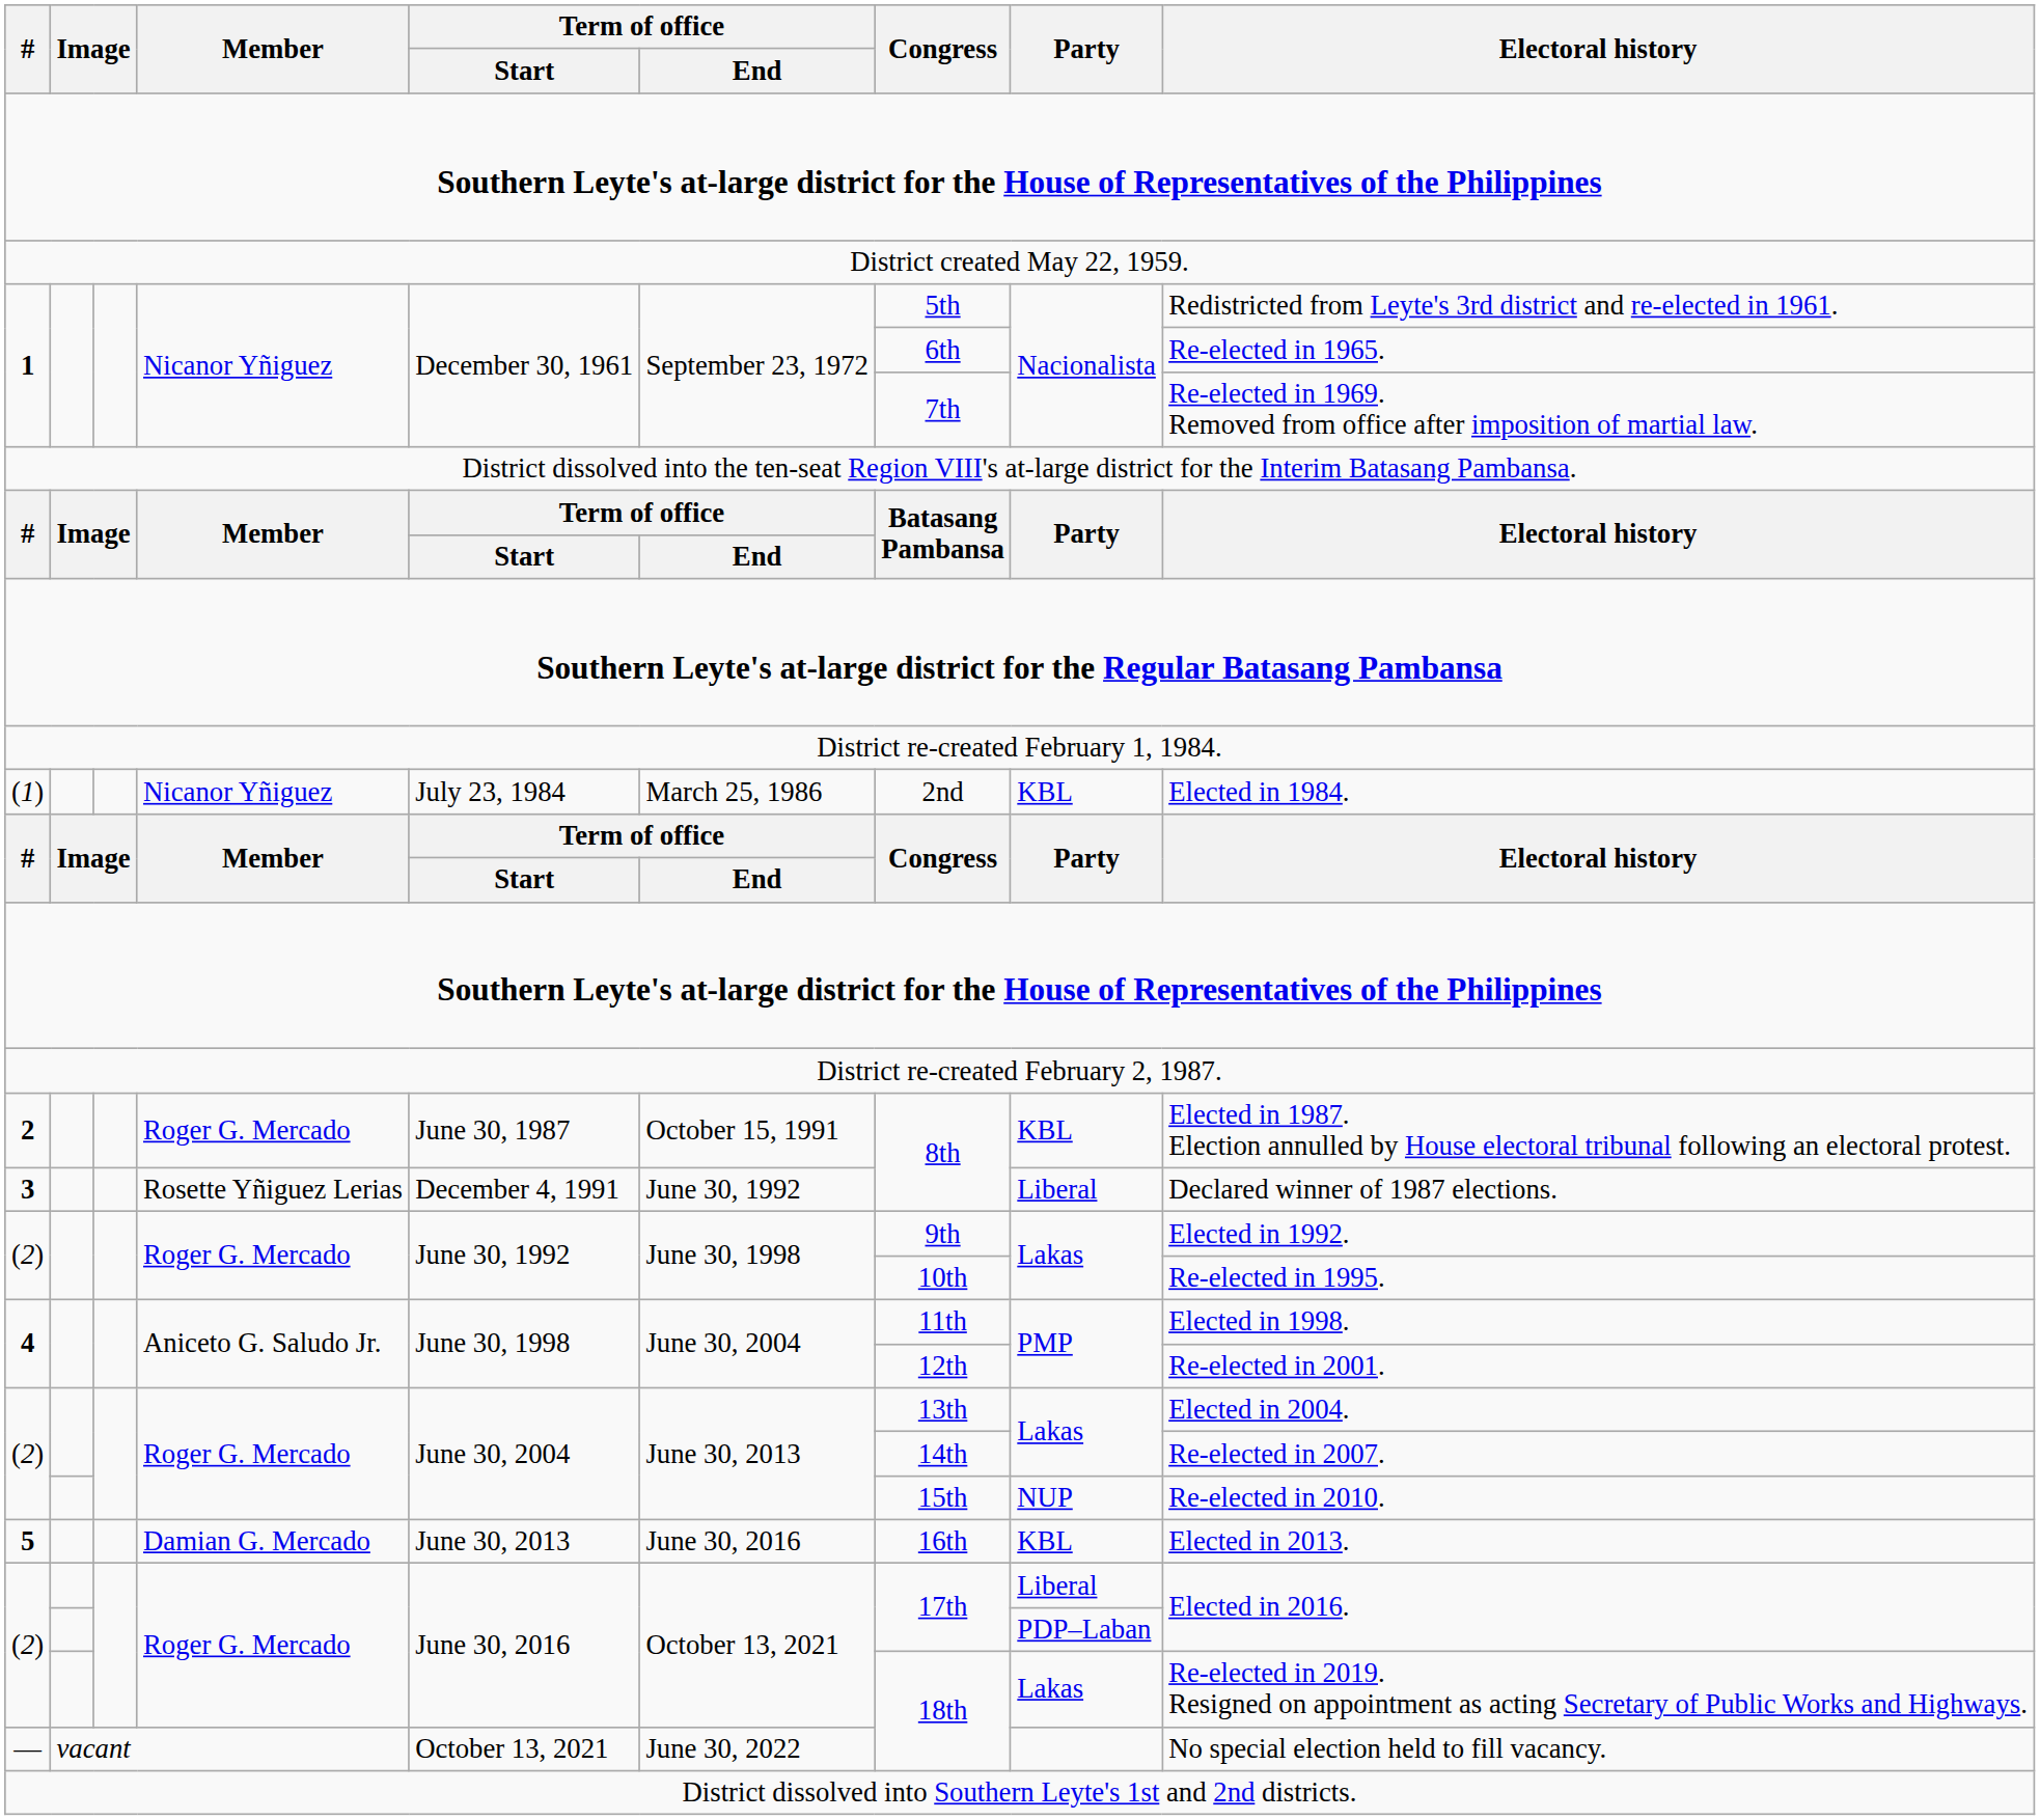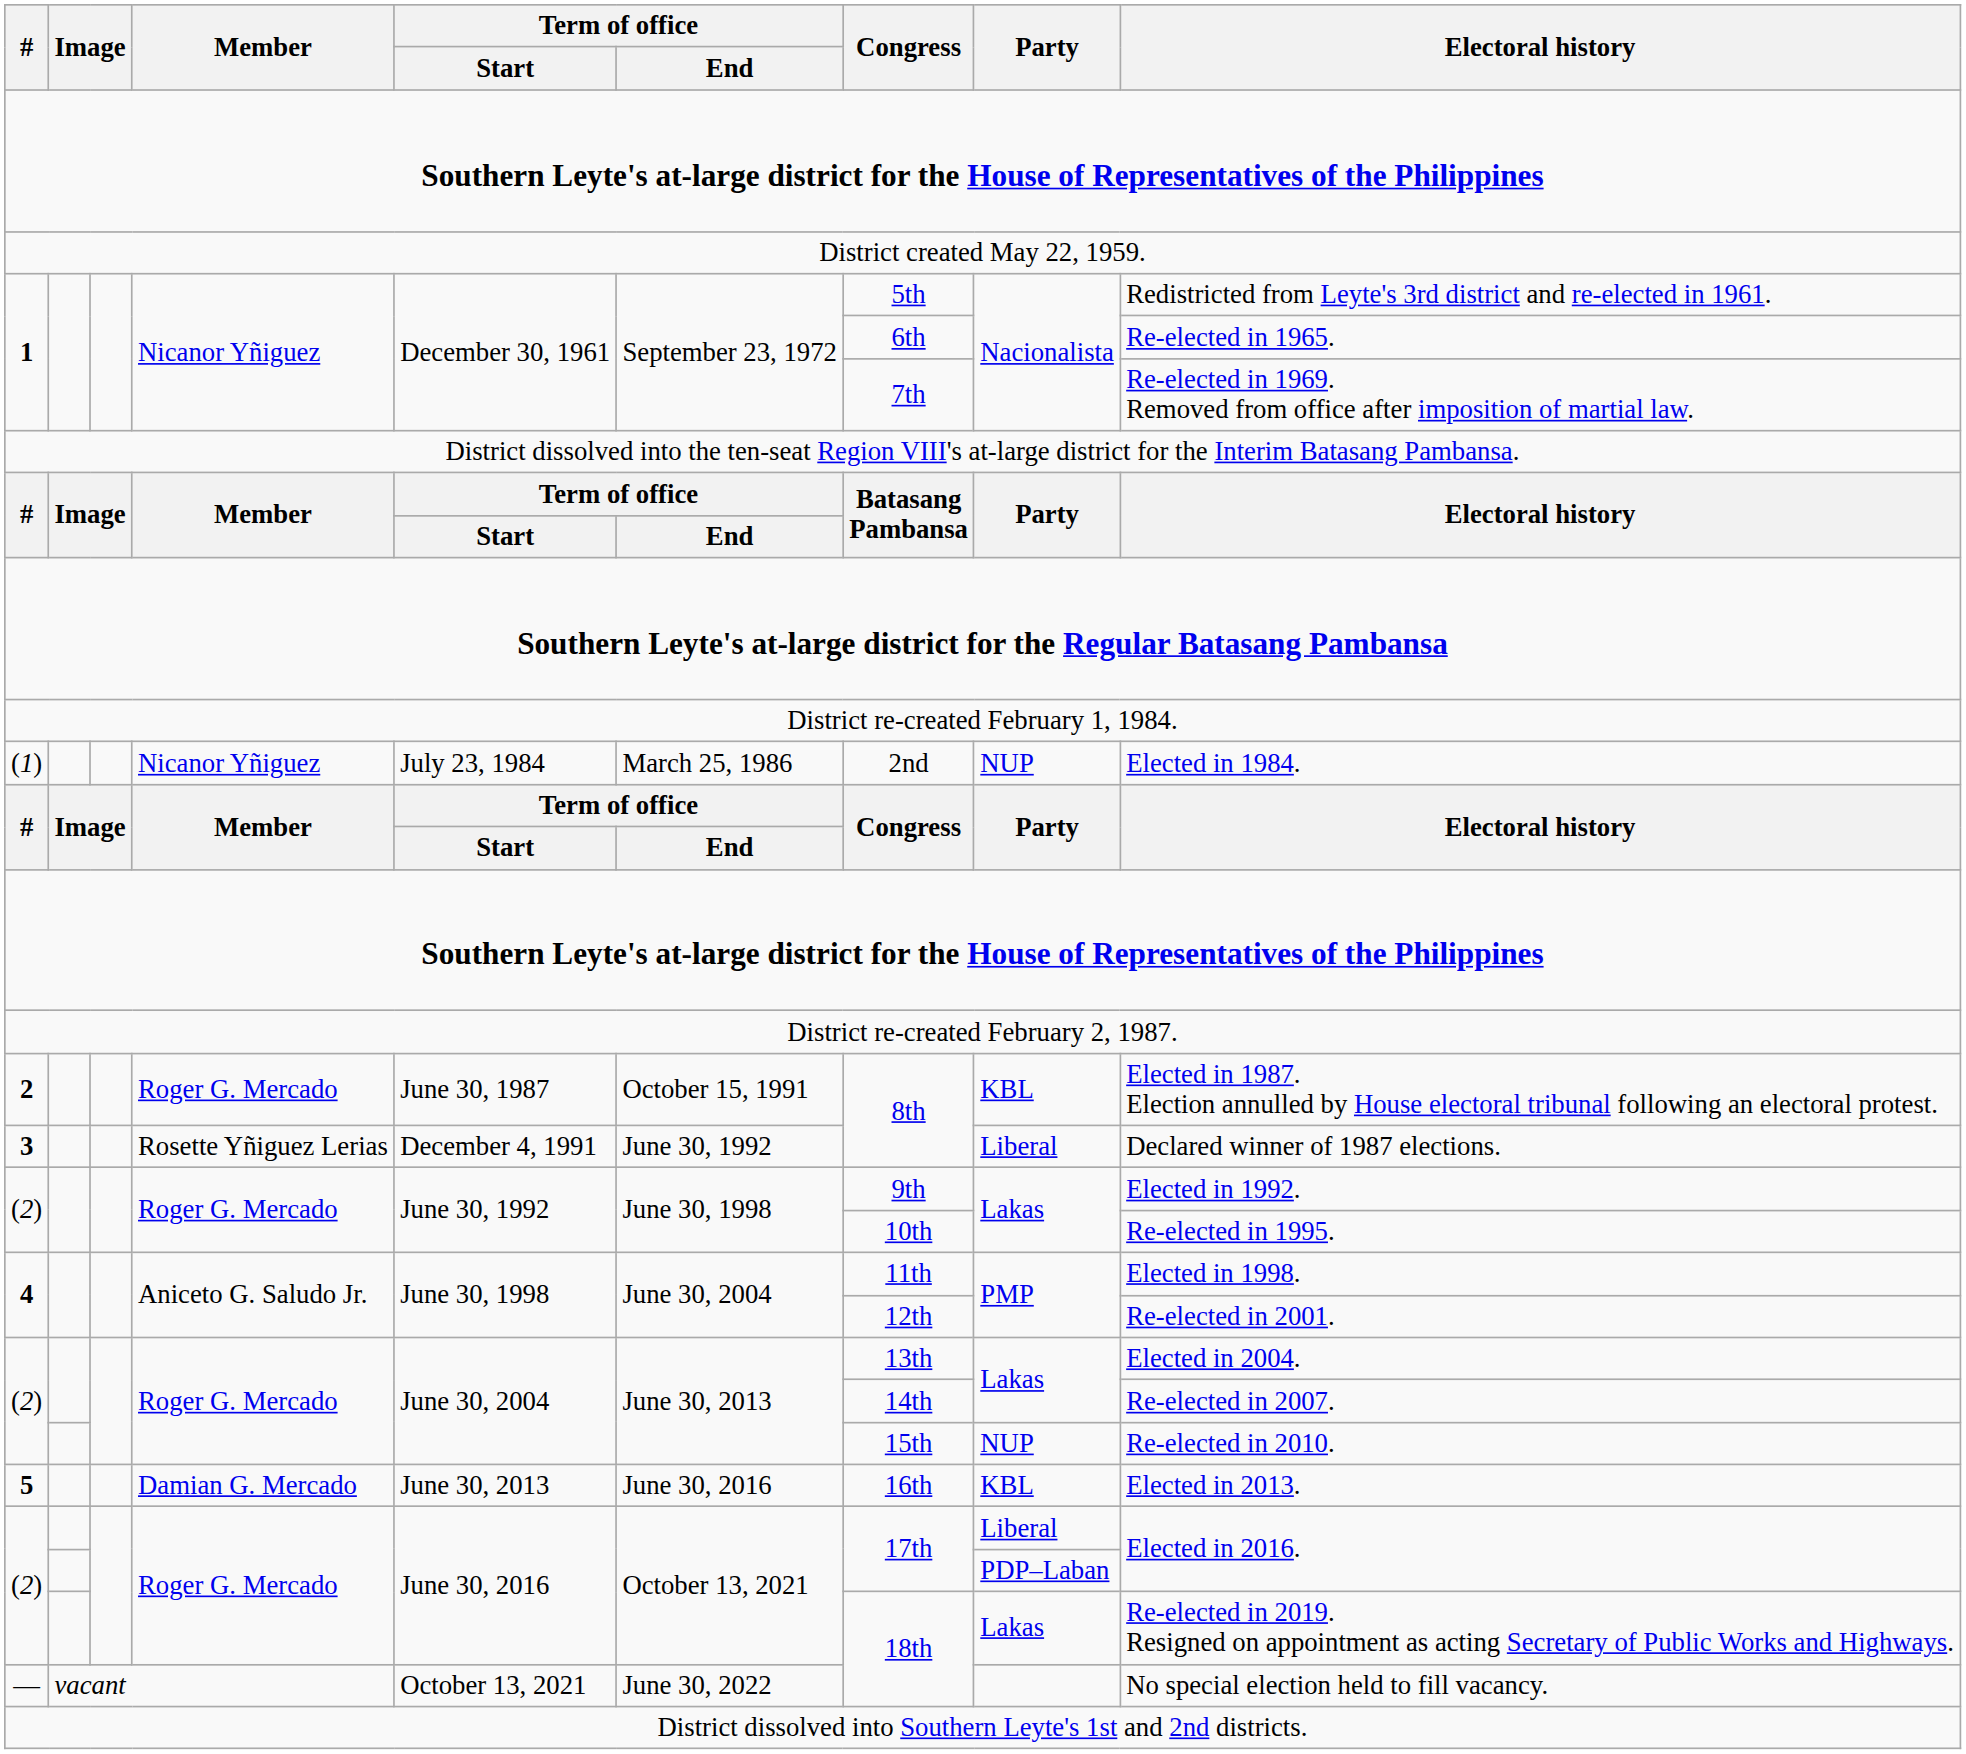 <table class=wikitable>
 <tr>
 <th rowspan="2">#</th>
 <th rowspan="2" colspan=2>Image</th>
 <th rowspan="2">Member</th>
 <th colspan=2>Term of office</th>
 <th rowspan="2">Congress</th>
 <th rowspan="2">Party</th>
 <th rowspan="2">Electoral history</th>
 </tr>
 <tr>
 <th>Start</th>
 <th>End</th>
 </tr>
 <tr>
 <td colspan="9" style="text-align:center;"><br><h3>Southern Leyte's at-large district for the <a href='#'>House of Representatives of the Philippines</a></h3></td>
 </tr>
 <tr>
 <td colspan="9" style="text-align:center;">District created May 22, 1959.</td>
 </tr>
 <tr>
 <td rowspan="3" style="text-align:center;"><strong>1</strong></td>
 <td rowspan="3" style="color:inherit;background:"></td>
 <td rowspan="3"></td>
 <td rowspan="3"><a href='#'>Nicanor Yñiguez</a></td>
 <td rowspan="3">December 30, 1961</td>
 <td rowspan="3">September 23, 1972</td>
 <td style="text-align:center;"><a href='#'>5th</a></td>
 <td rowspan="3"><a href='#'>Nacionalista</a></td>
 <td>Redistricted  from <a href='#'>Leyte's 3rd district</a> and <a href='#'>re-elected in 1961</a>.</td>
 </tr>
 <tr>
 <td style="text-align:center;"><a href='#'>6th</a></td>
 <td><a href='#'>Re-elected in 1965</a>.</td>
 </tr>
 <tr>
 <td style="text-align:center;"><a href='#'>7th</a></td>
 <td><a href='#'>Re-elected in 1969</a>.<br>Removed from office after <a href='#'>imposition of martial law</a>.</td>
 </tr>
 <tr>
 <td colspan="9" style="text-align:center;">District dissolved into the ten-seat <a href='#'>Region VIII</a>'s at-large district for the <a href='#'>Interim Batasang Pambansa</a>.</td>
 </tr>
 <tr>
 <th rowspan="2">#</th>
 <th rowspan="2" colspan=2>Image</th>
 <th rowspan="2">Member</th>
 <th colspan=2>Term of office</th>
 <th rowspan="2">Batasang<br>Pambansa</th>
 <th rowspan="2">Party</th>
 <th rowspan="2">Electoral history</th>
 </tr>
 <tr>
 <th>Start</th>
 <th>End</th>
 </tr>
 <tr>
 <td colspan="9" style="text-align:center;"><br><h3>Southern Leyte's at-large district for the <a href='#'>Regular Batasang Pambansa</a></h3></td>
 </tr>
 <tr>
 <td colspan="9" style="text-align:center;">District re-created February 1, 1984.</td>
 </tr>
 <tr>
 <td style="text-align:center;">(<em>1</em>)</td>
 <td style="color:inherit;background:"></td>
 <td></td>
 <td><a href='#'>Nicanor Yñiguez</a></td>
 <td>July 23, 1984</td>
 <td>March 25, 1986</td>
 <td style="text-align:center;">2nd</td>
-<td><a href='#'>KBL</a></td>
+<td><a href='#'>NUP</a></td>
 <td><a href='#'>Elected in 1984</a>.</td>
 </tr>
 <tr>
 <th rowspan="2">#</th>
 <th rowspan="2" colspan=2>Image</th>
 <th rowspan="2">Member</th>
 <th colspan=2>Term of office</th>
 <th rowspan="2">Congress</th>
 <th rowspan="2">Party</th>
 <th rowspan="2">Electoral history</th>
 </tr>
 <tr>
 <th>Start</th>
 <th>End</th>
 </tr>
 <tr>
 <td colspan="9" style="text-align:center;"><br><h3>Southern Leyte's at-large district for the <a href='#'>House of Representatives of the Philippines</a></h3></td>
 </tr>
 <tr>
 <td colspan="9" style="text-align:center;">District re-created February 2, 1987.</td>
 </tr>
 <tr>
 <td style="text-align:center;"><strong>2</strong></td>
 <td style="color:inherit;background:"></td>
 <td></td>
 <td><a href='#'>Roger G. Mercado</a></td>
 <td>June 30, 1987</td>
 <td>October 15, 1991</td>
 <td rowspan="2" style="text-align:center;"><a href='#'>8th</a></td>
 <td><a href='#'>KBL</a></td>
 <td><a href='#'>Elected in 1987</a>.<br>Election annulled by <a href='#'>House electoral tribunal</a> following an electoral protest.</td>
 </tr>
 <tr>
 <td style="text-align:center;"><strong>3</strong></td>
 <td style="color:inherit;background:"></td>
 <td></td>
 <td>Rosette Yñiguez Lerias</td>
 <td>December 4, 1991</td>
 <td>June 30, 1992</td>
 <td><a href='#'>Liberal</a></td>
 <td>Declared winner of 1987 elections.</td>
 </tr>
 <tr>
 <td rowspan="2" style="text-align:center;">(<em>2</em>)</td>
 <td rowspan="2" style="color:inherit;background:"></td>
 <td rowspan="2"></td>
 <td rowspan="2"><a href='#'>Roger G. Mercado</a></td>
 <td rowspan="2">June 30, 1992</td>
 <td rowspan="2">June 30, 1998</td>
 <td style="text-align:center;"><a href='#'>9th</a></td>
 <td rowspan="2"><a href='#'>Lakas</a></td>
 <td><a href='#'>Elected in 1992</a>.</td>
 </tr>
 <tr>
 <td style="text-align:center;"><a href='#'>10th</a></td>
 <td><a href='#'>Re-elected in 1995</a>.</td>
 </tr>
 <tr>
 <td rowspan="2" style="text-align:center;"><strong>4</strong></td>
 <td rowspan="2" style="color:inherit;background:"></td>
 <td rowspan="2"></td>
 <td rowspan="2">Aniceto G. Saludo Jr.</td>
 <td rowspan="2">June 30, 1998</td>
 <td rowspan="2">June 30, 2004</td>
 <td style="text-align:center;"><a href='#'>11th</a></td>
 <td rowspan="2"><a href='#'>PMP</a></td>
 <td><a href='#'>Elected in 1998</a>.</td>
 </tr>
 <tr>
 <td style="text-align:center;"><a href='#'>12th</a></td>
 <td><a href='#'>Re-elected in 2001</a>.</td>
 </tr>
 <tr>
 <td rowspan="3" style="text-align:center;">(<em>2</em>)</td>
 <td rowspan="2" style="color:inherit;background:"></td>
 <td rowspan="3"></td>
 <td rowspan="3"><a href='#'>Roger G. Mercado</a></td>
 <td rowspan="3">June 30, 2004</td>
 <td rowspan="3">June 30, 2013</td>
 <td style="text-align:center;"><a href='#'>13th</a></td>
 <td rowspan="2"><a href='#'>Lakas</a></td>
 <td><a href='#'>Elected in 2004</a>.</td>
 </tr>
 <tr>
 <td style="text-align:center;"><a href='#'>14th</a></td>
 <td><a href='#'>Re-elected in 2007</a>.</td>
 </tr>
 <tr>
 <td style="color:inherit;background:"></td>
 <td style="text-align:center;"><a href='#'>15th</a></td>
 <td><a href='#'>NUP</a></td>
 <td><a href='#'>Re-elected in 2010</a>.</td>
 </tr>
 <tr>
 <td style="text-align:center;"><strong>5</strong></td>
 <td style="color:inherit;background:"></td>
 <td></td>
 <td><a href='#'>Damian G. Mercado</a></td>
 <td>June 30, 2013</td>
 <td>June 30, 2016</td>
 <td style="text-align:center;"><a href='#'>16th</a></td>
 <td><a href='#'>KBL</a></td>
 <td><a href='#'>Elected in 2013</a>.</td>
 </tr>
 <tr>
 <td rowspan="3" style="text-align:center;">(<em>2</em>)</td>
 <td style="color:inherit;background:"></td>
 <td rowspan="3"></td>
 <td rowspan="3"><a href='#'>Roger G. Mercado</a></td>
 <td rowspan="3">June 30, 2016</td>
 <td rowspan="3">October 13, 2021</td>
 <td style="text-align:center;" rowspan="2"><a href='#'>17th</a></td>
 <td><a href='#'>Liberal</a></td>
 <td rowspan="2"><a href='#'>Elected in 2016</a>.</td>
 </tr>
 <tr>
 <td style="color:inherit;background:"></td>
 <td><a href='#'>PDP–Laban</a></td>
 </tr>
 <tr>
 <td style="color:inherit;background:"></td>
 <td rowspan="2" style="text-align:center;"><a href='#'>18th</a></td>
 <td><a href='#'>Lakas</a></td>
 <td><a href='#'>Re-elected in 2019</a>.<br>Resigned on appointment as acting <a href='#'>Secretary of Public Works and Highways</a>.</td>
 </tr>
 <tr>
 <td style="text-align:center;">—</td>
 <td colspan="3"><em>vacant</em></td>
 <td>October 13, 2021</td>
 <td>June 30, 2022</td>
 <td></td>
 <td>No special election held to fill vacancy.</td>
 </tr>
 <tr>
 <td colspan="9" style="text-align:center;">District dissolved into <a href='#'>Southern Leyte's 1st</a> and <a href='#'>2nd</a> districts.</td>
 </tr>
 </table>
